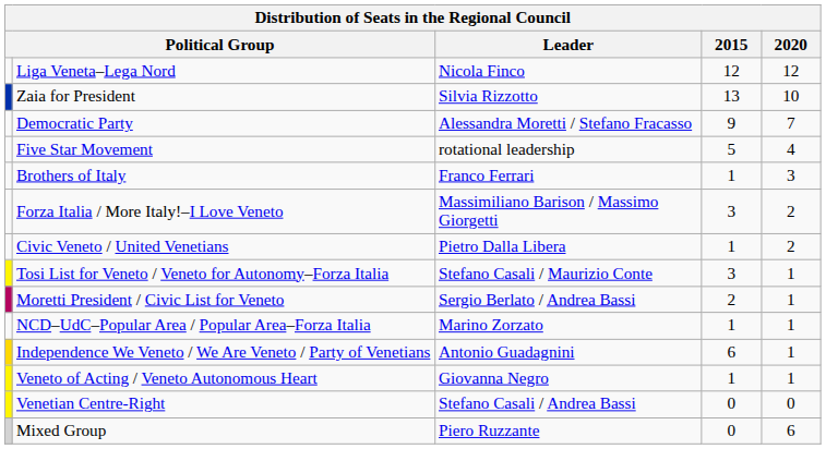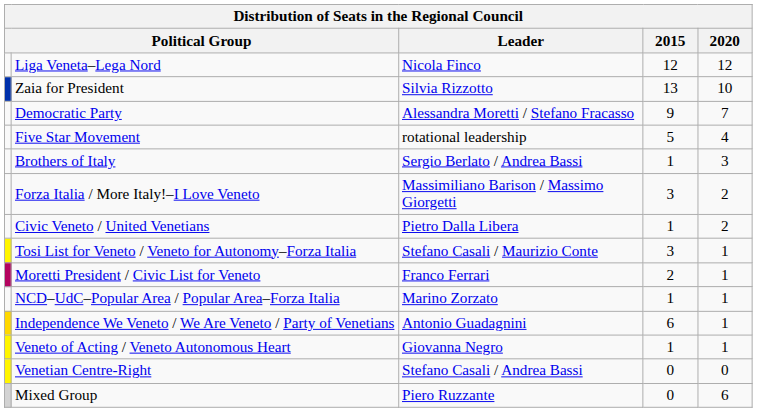 <table class="wikitable">
 <tr>
 <th colspan=5>Distribution of Seats in the Regional Council</th>
 </tr>
 <tr>
 <th width=400px align="left" colspan=2>Political Group</th>
 <th width=250px align="left">Leader</th>
 <th width=50px align="center">2015</th>
 <th width=50px align="center">2020</th>
 </tr>
 <tr>
 <td></td>
 <td width=400px align="left"><a href='#'>Liga Veneta</a>–<a href='#'>Lega Nord</a></td>
 <td width=250px align="left"><a href='#'>Nicola Finco</a></td>
 <td width=50px align="center">12</td>
 <td width=50px align="center">12</td>
 </tr>
 <tr>
 <td bgcolor="#0030AB"></td>
 <td width=400px align="left">Zaia for President</td>
 <td width=250px align="left"><a href='#'>Silvia Rizzotto</a></td>
 <td width=50px align="center">13</td>
 <td width=50px align="center">10</td>
 </tr>
 <tr>
 <td></td>
 <td width=400px align="left"><a href='#'>Democratic Party</a></td>
 <td width=250px align="left"><a href='#'>Alessandra Moretti</a> / <a href='#'>Stefano Fracasso</a></td>
 <td width=50px align="center">9</td>
 <td width=50px align="center">7</td>
 </tr>
 <tr>
 <td></td>
 <td width=400px align="left"><a href='#'>Five Star Movement</a></td>
 <td width=250px align="left">rotational leadership</td>
 <td width=50px align="center">5</td>
 <td width=50px align="center">4</td>
 </tr>
 <tr>
 <td></td>
 <td width=400px align="left"><a href='#'>Brothers of Italy</a></td>
-<td width=250px align="left"><a href='#'>Franco Ferrari</a></td>
+<td width=250px align="left"><a href='#'>Sergio Berlato</a> / <a href='#'>Andrea Bassi</a></td>
 <td width=50px align="center">1</td>
 <td width=50px align="center">3</td>
 </tr>
 <tr>
 <td></td>
 <td width=400px align="left"><a href='#'>Forza Italia</a> / More Italy!–<a href='#'>I Love Veneto</a></td>
 <td width=250px align="left"><a href='#'>Massimiliano Barison</a> / <a href='#'>Massimo Giorgetti</a></td>
 <td width=50px align="center">3</td>
 <td width=50px align="center">2</td>
 </tr>
 <tr>
 <td></td>
 <td width=400px align="left"><a href='#'>Civic Veneto</a> / <a href='#'>United Venetians</a></td>
 <td width=250px align="left"><a href='#'>Pietro Dalla Libera</a></td>
 <td width=50px align="center">1</td>
 <td width=50px align="center">2</td>
 </tr>
 <tr>
 <td bgcolor="#FFF500"></td>
 <td width=400px align="left"><a href='#'>Tosi List for Veneto</a> / <a href='#'>Veneto for Autonomy</a>–<a href='#'>Forza Italia</a></td>
 <td width=250px align="left"><a href='#'>Stefano Casali</a> / <a href='#'>Maurizio Conte</a></td>
 <td width=50px align="center">3</td>
 <td width=50px align="center">1</td>
 </tr>
 <tr>
 <td bgcolor="#B4045F"></td>
 <td width=400px align="left"><a href='#'>Moretti President</a> / <a href='#'>Civic List for Veneto</a></td>
-<td width=250px align="left"><a href='#'>Sergio Berlato</a> / <a href='#'>Andrea Bassi</a></td>
+<td width=250px align="left"><a href='#'>Franco Ferrari</a></td>
 <td width=50px align="center">2</td>
 <td width=50px align="center">1</td>
 </tr>
 <tr>
 <td></td>
 <td width=400px align="left"><a href='#'>NCD</a>–<a href='#'>UdC</a>–<a href='#'>Popular Area</a> / <a href='#'>Popular Area</a>–<a href='#'>Forza Italia</a></td>
 <td width=250px align="left"><a href='#'>Marino Zorzato</a></td>
 <td width=50px align="center">1</td>
 <td width=50px align="center">1</td>
 </tr>
 <tr>
 <td bgcolor="#FFD801"></td>
 <td width=400px align="left"><a href='#'>Independence We Veneto</a> / <a href='#'>We Are Veneto</a> / <a href='#'>Party of Venetians</a></td>
 <td width=250px align="left"><a href='#'>Antonio Guadagnini</a></td>
 <td width=50px align="center">6</td>
 <td width=50px align="center">1</td>
 </tr>
 <tr>
 <td bgcolor="#FFF500"></td>
 <td width=400px align="left"><a href='#'>Veneto of Acting</a> / <a href='#'>Veneto Autonomous Heart</a></td>
 <td width=250px align="left"><a href='#'>Giovanna Negro</a></td>
 <td width=50px align="center">1</td>
 <td width=50px align="center">1</td>
 </tr>
 <tr>
 <td bgcolor="#FFF500"></td>
 <td width=400px align="left"><a href='#'>Venetian Centre-Right</a></td>
 <td width=250px align="left"><a href='#'>Stefano Casali</a> / <a href='#'>Andrea Bassi</a></td>
 <td width=50px align="center">0</td>
 <td width=50px align="center">0</td>
 </tr>
 <tr>
 <td bgcolor="lightgrey"></td>
 <td width=400px align="left">Mixed Group</td>
 <td width=250px align="left"><a href='#'>Piero Ruzzante</a></td>
 <td width=50px align="center">0</td>
 <td width=50px align="center">6</td>
 </tr>
 </table>
